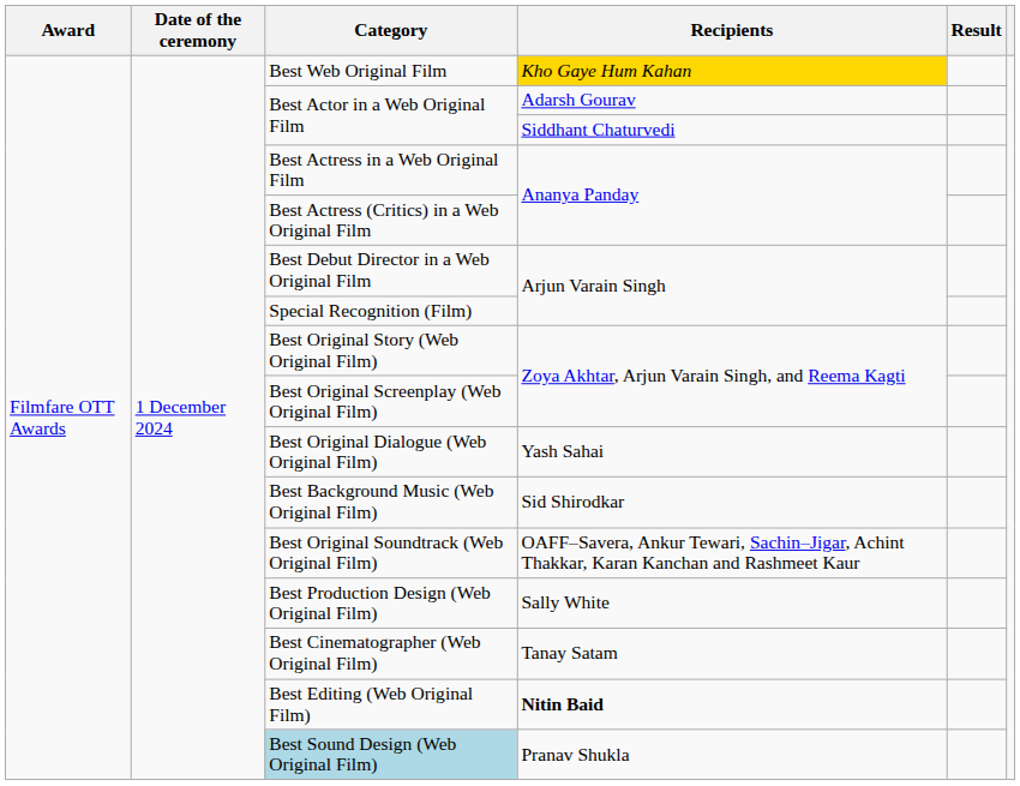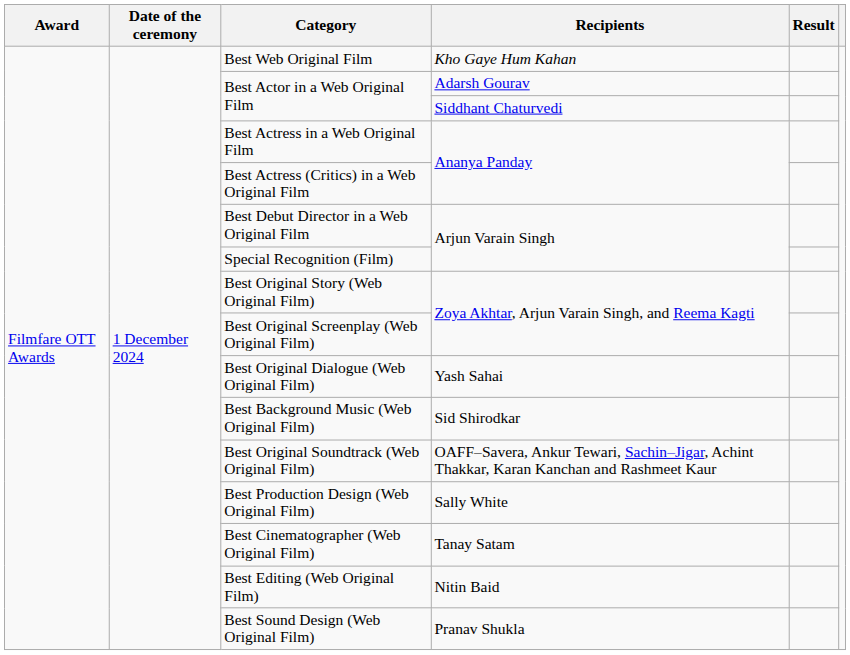 <table class="wikitable plainrowheaders sortable">
 <tr>
 <th scope="col">Award</th>
 <th scope="col">Date of the ceremony</th>
 <th scope="col">Category</th>
 <th scope="col">Recipients</th>
 <th scope="col">Result</th>
 <th class="unsortable" scope="col"></th>
 </tr>
 <tr>
 <td rowspan="16"><a href='#'>Filmfare OTT Awards</a></td>
 <td rowspan="16"><a href='#'>1 December 2024</a></td>
 <td>Best Web Original Film</td>
-<td style="background: gold;"><em>Kho Gaye Hum Kahan</em></td>
+<td><em>Kho Gaye Hum Kahan</em></td>
 <td></td>
 <td rowspan="16"></td>
 </tr>
 <tr>
 <td rowspan="2">Best Actor in a Web Original Film</td>
 <td><a href='#'>Adarsh Gourav</a></td>
 <td></td>
 </tr>
 <tr>
 <td><a href='#'>Siddhant Chaturvedi</a></td>
 <td></td>
 </tr>
 <tr>
 <td>Best Actress in a Web Original Film</td>
 <td rowspan="2"><a href='#'>Ananya Panday</a></td>
 <td></td>
 </tr>
 <tr>
 <td>Best Actress (Critics) in a Web Original Film</td>
 <td></td>
 </tr>
 <tr>
 <td>Best Debut Director in a Web Original Film</td>
 <td rowspan="2">Arjun Varain Singh</td>
 <td></td>
 </tr>
 <tr>
 <td>Special Recognition (Film)</td>
 <td></td>
 </tr>
 <tr>
 <td>Best Original Story (Web Original Film)</td>
 <td rowspan="2"><a href='#'>Zoya Akhtar</a>, Arjun Varain Singh, and <a href='#'>Reema Kagti</a></td>
 <td></td>
 </tr>
 <tr>
 <td>Best Original Screenplay (Web Original Film)</td>
 <td></td>
 </tr>
 <tr>
 <td>Best Original Dialogue (Web Original Film)</td>
 <td>Yash Sahai</td>
 <td></td>
 </tr>
 <tr>
 <td>Best Background Music (Web Original Film)</td>
 <td>Sid Shirodkar</td>
 <td></td>
 </tr>
 <tr>
 <td>Best Original Soundtrack (Web Original Film)</td>
 <td>OAFF–Savera, Ankur Tewari, <a href='#'>Sachin–Jigar</a>, Achint Thakkar, Karan Kanchan and Rashmeet Kaur</td>
 <td></td>
 </tr>
 <tr>
 <td>Best Production Design (Web Original Film)</td>
 <td>Sally White</td>
 <td></td>
 </tr>
 <tr>
 <td>Best Cinematographer (Web Original Film)</td>
 <td>Tanay Satam</td>
 <td></td>
 </tr>
 <tr>
 <td>Best Editing (Web Original Film)</td>
-<td><strong>Nitin Baid</strong></td>
+<td>Nitin Baid</td>
 <td></td>
 </tr>
 <tr>
-<td style="background: lightblue;">Best Sound Design (Web Original Film)</td>
+<td>Best Sound Design (Web Original Film)</td>
 <td>Pranav Shukla</td>
 <td></td>
 </tr>
 </table>
